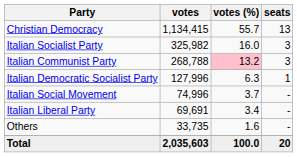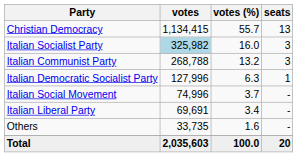 <table class="wikitable" style="font-size:95%">
 <tr bgcolor="EFEFEF">
 <th>Party</th>
 <th>votes</th>
 <th>votes (%)</th>
 <th>seats</th>
 </tr>
 <tr>
 <td><a href='#'>Christian Democracy</a></td>
 <td align=right>1,134,415</td>
 <td align=right>55.7</td>
 <td align=right>13</td>
 </tr>
 <tr>
 <td><a href='#'>Italian Socialist Party</a></td>
-<td align=right>325,982</td>
+<td align=right style="background: lightblue;">325,982</td>
 <td align=right>16.0</td>
 <td align=right>3</td>
 </tr>
 <tr>
 <td><a href='#'>Italian Communist Party</a></td>
 <td align=right>268,788</td>
-<td align=right style="background: pink;">13.2</td>
+<td align=right>13.2</td>
 <td align=right>3</td>
 </tr>
 <tr>
 <td><a href='#'>Italian Democratic Socialist Party</a></td>
 <td align=right>127,996</td>
 <td align=right>6.3</td>
 <td align=right>1</td>
 </tr>
 <tr>
 <td><a href='#'>Italian Social Movement</a></td>
 <td align=right>74,996</td>
 <td align=right>3.7</td>
 <td align=right>-</td>
 </tr>
 <tr>
 <td><a href='#'>Italian Liberal Party</a></td>
 <td align=right>69,691</td>
 <td align=right>3.4</td>
 <td align=right>-</td>
 </tr>
 <tr>
 <td>Others</td>
 <td align=right>33,735</td>
 <td align=right>1.6</td>
 <td align=right>-</td>
 </tr>
 <tr>
 </tr>
 <tr bgcolor="EFEFEF">
 <td><strong>Total</strong></td>
 <td align=right><strong>2,035,603</strong></td>
 <td align=right><strong>100.0</strong></td>
 <td align=right><strong>20</strong></td>
 </tr>
 </table>
